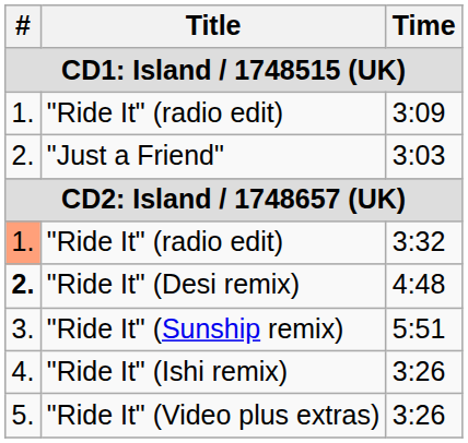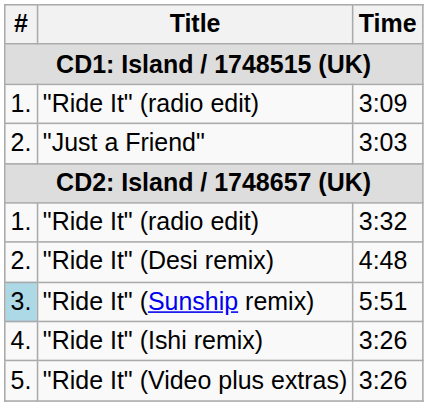 <table class="wikitable">
 <tr>
 <th>#</th>
 <th>Title</th>
 <th>Time</th>
 </tr>
 <tr>
 <td colspan="3"  style="background:#ddd; text-align:center;"><strong>CD1: Island / 1748515 (UK)</strong></td>
 </tr>
 <tr>
 <td>1.</td>
 <td>"Ride It" (radio edit)</td>
 <td>3:09</td>
 </tr>
 <tr>
 <td>2.</td>
 <td>"Just a Friend"</td>
 <td>3:03</td>
 </tr>
 <tr>
 <td colspan="3"  style="background:#ddd; text-align:center;"><strong>CD2: Island / 1748657 (UK)</strong></td>
 </tr>
 <tr>
-<td style="background: lightsalmon;">1.</td>
+<td>1.</td>
 <td>"Ride It" (radio edit)</td>
 <td>3:32</td>
 </tr>
 <tr>
-<td><strong>2.</strong></td>
+<td>2.</td>
 <td>"Ride It" (Desi remix)</td>
 <td>4:48</td>
 </tr>
 <tr>
-<td>3.</td>
+<td style="background: lightblue;">3.</td>
 <td>"Ride It" (<a href='#'>Sunship</a> remix)</td>
 <td>5:51</td>
 </tr>
 <tr>
 <td>4.</td>
 <td>"Ride It" (Ishi remix)</td>
 <td>3:26</td>
 </tr>
 <tr>
 <td>5.</td>
 <td>"Ride It" (Video plus extras)</td>
 <td>3:26</td>
 </tr>
 </table>
